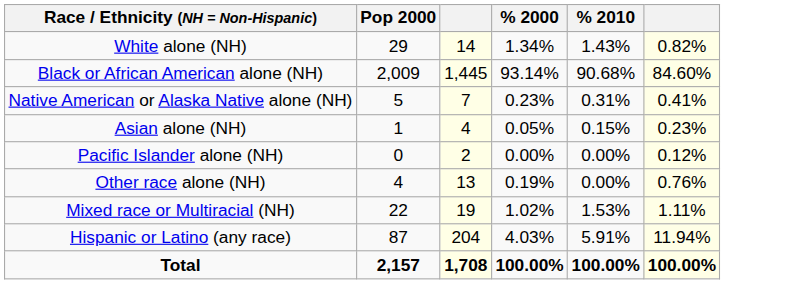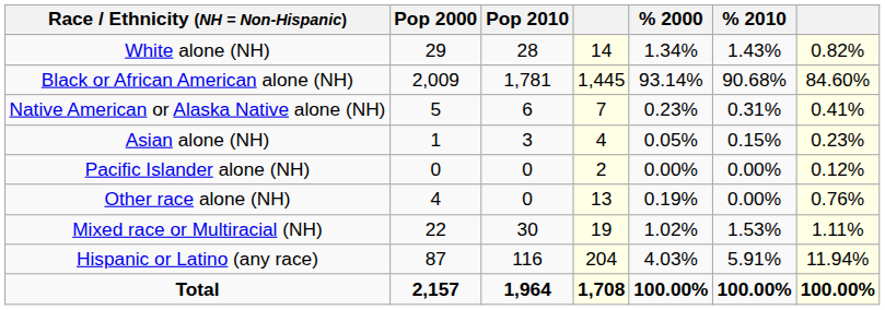 <table class="wikitable" style="text-align:center;">
 <tr>
 <th>Race / Ethnicity <small>(<em>NH = Non-Hispanic</em>)</small></th>
 <th>Pop 2000</th>
+<th>Pop 2010</th>
 <th></th>
 <th>% 2000</th>
 <th>% 2010</th>
 <th></th>
 </tr>
 <tr>
 <td><a href='#'>White</a> alone (NH)</td>
 <td>29</td>
+<td>28</td>
 <td style='background: #ffffe6;'>14</td>
 <td>1.34%</td>
 <td>1.43%</td>
 <td style='background: #ffffe6;'>0.82%</td>
 </tr>
 <tr>
 <td><a href='#'>Black or African American</a> alone (NH)</td>
 <td>2,009</td>
+<td>1,781</td>
 <td style='background: #ffffe6;'>1,445</td>
 <td>93.14%</td>
 <td>90.68%</td>
 <td style='background: #ffffe6;'>84.60%</td>
 </tr>
 <tr>
 <td><a href='#'>Native American</a> or <a href='#'>Alaska Native</a> alone (NH)</td>
 <td>5</td>
+<td>6</td>
 <td style='background: #ffffe6;'>7</td>
 <td>0.23%</td>
 <td>0.31%</td>
 <td style='background: #ffffe6;'>0.41%</td>
 </tr>
 <tr>
 <td><a href='#'>Asian</a> alone (NH)</td>
 <td>1</td>
+<td>3</td>
 <td style='background: #ffffe6;'>4</td>
 <td>0.05%</td>
 <td>0.15%</td>
 <td style='background: #ffffe6;'>0.23%</td>
 </tr>
 <tr>
 <td><a href='#'>Pacific Islander</a> alone (NH)</td>
+<td>0</td>
 <td>0</td>
 <td style='background: #ffffe6;'>2</td>
 <td>0.00%</td>
 <td>0.00%</td>
 <td style='background: #ffffe6;'>0.12%</td>
 </tr>
 <tr>
 <td><a href='#'>Other race</a> alone (NH)</td>
 <td>4</td>
+<td>0</td>
 <td style='background: #ffffe6;'>13</td>
 <td>0.19%</td>
 <td>0.00%</td>
 <td style='background: #ffffe6;'>0.76%</td>
 </tr>
 <tr>
 <td><a href='#'>Mixed race or Multiracial</a> (NH)</td>
 <td>22</td>
+<td>30</td>
 <td style='background: #ffffe6;'>19</td>
 <td>1.02%</td>
 <td>1.53%</td>
 <td style='background: #ffffe6;'>1.11%</td>
 </tr>
 <tr>
 <td><a href='#'>Hispanic or Latino</a> (any race)</td>
 <td>87</td>
+<td>116</td>
 <td style='background: #ffffe6;'>204</td>
 <td>4.03%</td>
 <td>5.91%</td>
 <td style='background: #ffffe6;'>11.94%</td>
 </tr>
 <tr>
 <td><strong>Total</strong></td>
 <td><strong>2,157</strong></td>
+<td><strong>1,964</strong></td>
 <td style='background: #ffffe6;'><strong>1,708</strong></td>
 <td><strong>100.00%</strong></td>
 <td><strong>100.00%</strong></td>
 <td style='background: #ffffe6;'><strong>100.00%</strong></td>
 </tr>
 </table>
